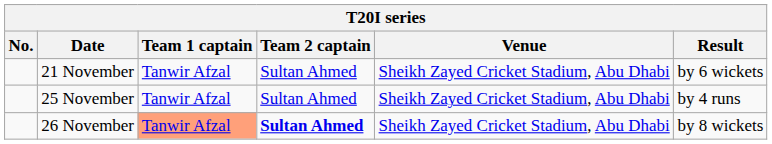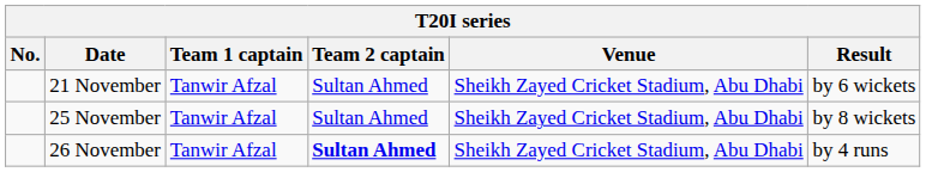 <table class="wikitable">
 <tr>
 <th colspan="9">T20I series</th>
 </tr>
 <tr>
 <th>No.</th>
 <th>Date</th>
 <th>Team 1 captain</th>
 <th>Team 2 captain</th>
 <th>Venue</th>
 <th>Result</th>
 </tr>
 <tr>
 <td></td>
 <td>21 November</td>
 <td><a href='#'>Tanwir Afzal</a></td>
 <td><a href='#'>Sultan Ahmed</a></td>
 <td><a href='#'>Sheikh Zayed Cricket Stadium</a>, <a href='#'>Abu Dhabi</a></td>
 <td> by 6 wickets</td>
 </tr>
 <tr>
 <td></td>
 <td>25 November</td>
 <td><a href='#'>Tanwir Afzal</a></td>
 <td><a href='#'>Sultan Ahmed</a></td>
 <td><a href='#'>Sheikh Zayed Cricket Stadium</a>, <a href='#'>Abu Dhabi</a></td>
-<td> by 4 runs</td>
+<td> by 8 wickets</td>
 </tr>
 <tr>
 <td></td>
 <td>26 November</td>
-<td style="background: lightsalmon;"><a href='#'>Tanwir Afzal</a></td>
+<td><a href='#'>Tanwir Afzal</a></td>
 <td><strong><a href='#'>Sultan Ahmed</a></strong></td>
 <td><a href='#'>Sheikh Zayed Cricket Stadium</a>, <a href='#'>Abu Dhabi</a></td>
-<td> by 8 wickets</td>
+<td> by 4 runs</td>
 </tr>
 </table>
